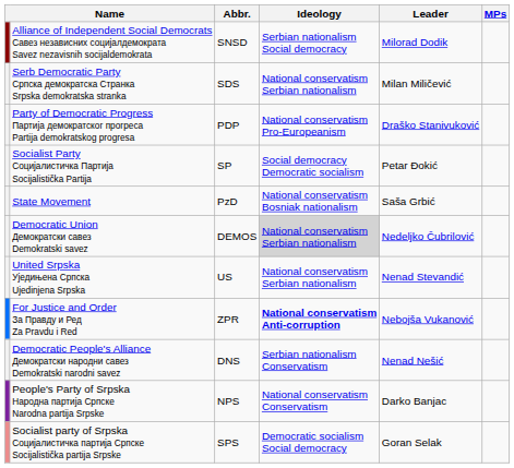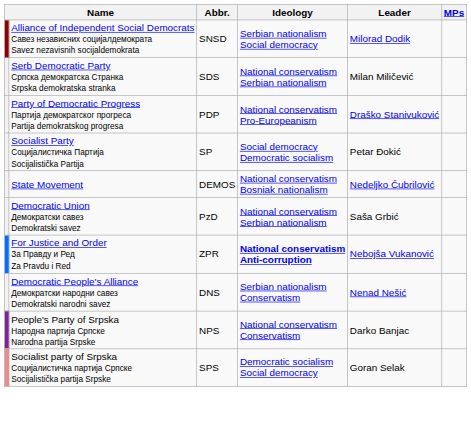 <table class="wikitable" style="text-align; font-size:95%;">
 <tr>
 <th colspan=2>Name</th>
 <th>Abbr.</th>
 <th>Ideology</th>
 <th>Leader</th>
 <th><a href='#'>MPs</a></th>
 </tr>
 <tr>
 <th style="background-color:darkred"></th>
 <td><a href='#'>Alliance of Independent Social Democrats</a><br><small>Савез независних социјалдемократа<br>Savez nezavisnih socijaldemokrata</small></td>
 <td>SNSD</td>
 <td><a href='#'>Serbian nationalism</a><br><a href='#'>Social democracy</a></td>
 <td><a href='#'>Milorad Dodik</a></td>
 <td></td>
 </tr>
 <tr>
 <th style="background-color:"></th>
 <td><a href='#'>Serb Democratic Party</a><br><small>Српска демократска Странка<br>Srpska demokratska stranka</small></td>
 <td>SDS</td>
 <td><a href='#'>National conservatism</a><br><a href='#'>Serbian nationalism</a></td>
 <td>Milan Miličević</td>
 <td></td>
 </tr>
 <tr>
 <th style="background-color:"></th>
 <td><a href='#'>Party of Democratic Progress</a><br><small>Партија демократског прогреса<br>Partija demokratskog progresa</small></td>
 <td>PDP</td>
 <td><a href='#'>National conservatism</a><br><a href='#'>Pro-Europeanism</a></td>
 <td><a href='#'>Draško Stanivuković</a></td>
 <td></td>
 </tr>
 <tr>
 <th style="background-color:"></th>
 <td><a href='#'>Socialist Party</a><br><small>Социјалистичка Партија<br>Socijalistička Partija</small></td>
 <td>SP</td>
 <td><a href='#'>Social democracy</a><br><a href='#'>Democratic socialism</a></td>
 <td>Petar Đokić</td>
 <td></td>
 </tr>
 <tr>
 <th style="background-color:"></th>
 <td><a href='#'>State Movement</a><br><small></small></td>
-<td>PzD</td>
+<td>DEMOS</td>
 <td><a href='#'>National conservatism</a><br><a href='#'>Bosniak nationalism</a></td>
-<td>Saša Grbić</td>
+<td><a href='#'>Nedeljko Čubrilović</a></td>
 <td></td>
 </tr>
 <tr>
 <th style="background-color:"></th>
 <td><a href='#'>Democratic Union</a><br><small>Демократски савез<br>Demokratski savez</small></td>
-<td>DEMOS</td>
-<td style="background: lightgrey;"><a href='#'>National conservatism</a><br><a href='#'>Serbian nationalism</a></td>
-<td><a href='#'>Nedeljko Čubrilović</a></td>
-<td></td>
-</tr>
-<tr>
-<th style="background-color:"></th>
-<td><a href='#'>United Srpska</a><br><small>Уједињена Српска<br>Ujedinjena Srpska</small></td>
-<td>US</td>
+<td>PzD</td>
 <td><a href='#'>National conservatism</a><br><a href='#'>Serbian nationalism</a></td>
-<td><a href='#'>Nenad Stevandić</a></td>
+<td>Saša Grbić</td>
 <td></td>
 </tr>
 <tr>
 <td style="background-color:#0070ff"></td>
 <td><a href='#'>For Justice and Order</a><br><small>За Правду и Ред<br>Za Pravdu i Red</small></td>
 <td>ZPR</td>
 <td><strong><a href='#'>National conservatism</a><br><a href='#'>Anti-corruption</a></strong></td>
 <td><a href='#'>Nebojša Vukanović</a></td>
 <td></td>
 </tr>
 <tr>
 <th style="background-color: "></th>
 <td><a href='#'>Democratic People's Alliance</a><br><small>Демократски народни савез<br>Demokratski narodni savez</small></td>
 <td>DNS</td>
 <td><a href='#'>Serbian nationalism</a><br><a href='#'>Conservatism</a></td>
 <td><a href='#'>Nenad Nešić</a></td>
 <td></td>
 </tr>
 <tr>
 <td style="background-color:#7D219E"></td>
 <td>People's Party of Srpska<br><small>Народна партија Српске<br>Narodna partija Srpske</small></td>
 <td>NPS</td>
 <td><a href='#'>National conservatism</a><br><a href='#'>Conservatism</a></td>
 <td>Darko Banjac</td>
 <td></td>
 </tr>
 <tr>
 <th style="background-color:#ED8C8C"></th>
 <td>Socialist party of Srpska<br><small>Социјалистичка партија Српске<br>Socijalistička partija Srpske</small></td>
 <td>SPS</td>
 <td><a href='#'>Democratic socialism</a><br><a href='#'>Social democracy</a></td>
 <td>Goran Selak</td>
 <td></td>
 </tr>
 </table>
